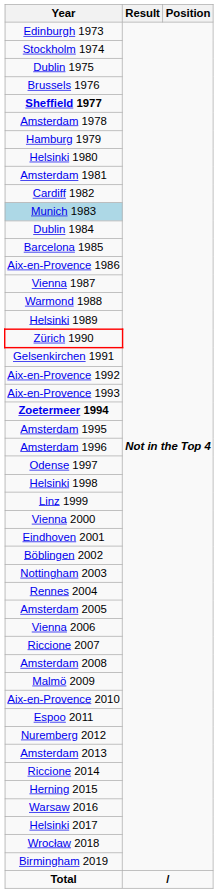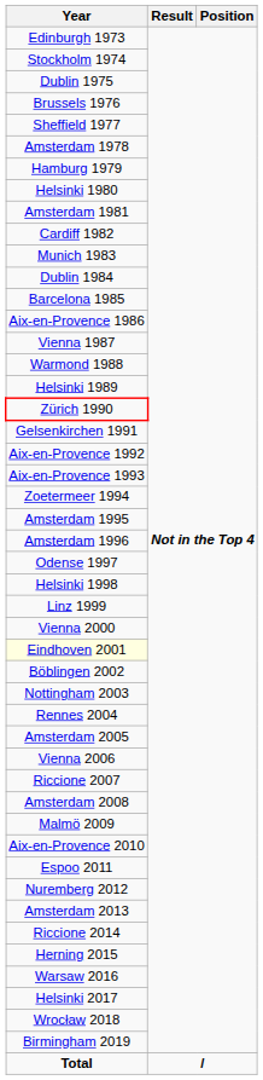 <table class="wikitable" style="text-align: center;">
 <tr>
 <th>Year</th>
 <th>Result</th>
 <th>Position</th>
 </tr>
 <tr>
 <td> <a href='#'>Edinburgh</a> 1973</td>
 <td rowspan="47" colspan="2" align="center"><strong><em>Not in the Top 4</em></strong></td>
 </tr>
 <tr>
 <td> <a href='#'>Stockholm</a> 1974</td>
 </tr>
 <tr>
 <td> <a href='#'>Dublin</a> 1975</td>
 </tr>
 <tr>
 <td> <a href='#'>Brussels</a> 1976</td>
 </tr>
 <tr>
-<td><strong> <a href='#'>Sheffield</a> 1977</strong></td>
+<td> <a href='#'>Sheffield</a> 1977</td>
 </tr>
 <tr>
 <td> <a href='#'>Amsterdam</a> 1978</td>
 </tr>
 <tr>
 <td> <a href='#'>Hamburg</a> 1979</td>
 </tr>
 <tr>
 <td> <a href='#'>Helsinki</a> 1980</td>
 </tr>
 <tr>
 <td> <a href='#'>Amsterdam</a> 1981</td>
 </tr>
 <tr>
 <td> <a href='#'>Cardiff</a> 1982</td>
 </tr>
 <tr>
-<td style="background: lightblue;"> <a href='#'>Munich</a> 1983</td>
+<td> <a href='#'>Munich</a> 1983</td>
 </tr>
 <tr>
 <td> <a href='#'>Dublin</a> 1984</td>
 </tr>
 <tr>
 <td> <a href='#'>Barcelona</a> 1985</td>
 </tr>
 <tr>
 <td> <a href='#'>Aix-en-Provence</a> 1986</td>
 </tr>
 <tr>
 <td> <a href='#'>Vienna</a> 1987</td>
 </tr>
 <tr>
 <td> <a href='#'>Warmond</a> 1988</td>
 </tr>
 <tr>
 <td> <a href='#'>Helsinki</a> 1989</td>
 </tr>
 <tr>
 <td style="border: 2px solid red"> <a href='#'>Zürich</a> 1990</td>
 </tr>
 <tr>
 <td> <a href='#'>Gelsenkirchen</a> 1991</td>
 </tr>
 <tr>
 <td> <a href='#'>Aix-en-Provence</a> 1992</td>
 </tr>
 <tr>
 <td> <a href='#'>Aix-en-Provence</a> 1993</td>
 </tr>
 <tr>
-<td><strong> <a href='#'>Zoetermeer</a> 1994</strong></td>
+<td> <a href='#'>Zoetermeer</a> 1994</td>
 </tr>
 <tr>
 <td> <a href='#'>Amsterdam</a> 1995</td>
 </tr>
 <tr>
 <td> <a href='#'>Amsterdam</a> 1996</td>
 </tr>
 <tr>
 <td> <a href='#'>Odense</a> 1997</td>
 </tr>
 <tr>
 <td> <a href='#'>Helsinki</a> 1998</td>
 </tr>
 <tr>
 <td> <a href='#'>Linz</a> 1999</td>
 </tr>
 <tr>
 <td> <a href='#'>Vienna</a> 2000</td>
 </tr>
 <tr>
-<td> <a href='#'>Eindhoven</a> 2001</td>
+<td style="background: lightyellow;"> <a href='#'>Eindhoven</a> 2001</td>
 </tr>
 <tr>
 <td> <a href='#'>Böblingen</a> 2002</td>
 </tr>
 <tr>
 <td> <a href='#'>Nottingham</a> 2003</td>
 </tr>
 <tr>
 <td> <a href='#'>Rennes</a> 2004</td>
 </tr>
 <tr>
 <td> <a href='#'>Amsterdam</a> 2005</td>
 </tr>
 <tr>
 <td> <a href='#'>Vienna</a> 2006</td>
 </tr>
 <tr>
 <td> <a href='#'>Riccione</a> 2007</td>
 </tr>
 <tr>
 <td> <a href='#'>Amsterdam</a> 2008</td>
 </tr>
 <tr>
 <td> <a href='#'>Malmö</a> 2009</td>
 </tr>
 <tr>
 <td> <a href='#'>Aix-en-Provence</a> 2010</td>
 </tr>
 <tr>
 <td> <a href='#'>Espoo</a> 2011</td>
 </tr>
 <tr>
 <td> <a href='#'>Nuremberg</a> 2012</td>
 </tr>
 <tr>
 <td> <a href='#'>Amsterdam</a> 2013</td>
 </tr>
 <tr>
 <td> <a href='#'>Riccione</a> 2014</td>
 </tr>
 <tr>
 <td> <a href='#'>Herning</a> 2015</td>
 </tr>
 <tr>
 <td> <a href='#'>Warsaw</a> 2016</td>
 </tr>
 <tr>
 <td> <a href='#'>Helsinki</a> 2017</td>
 </tr>
 <tr>
 <td> <a href='#'>Wrocław</a> 2018</td>
 </tr>
 <tr>
 <td> <a href='#'>Birmingham</a> 2019</td>
 </tr>
 <tr>
 <td><strong>Total</strong></td>
 <td rowspan="1" colspan="2" align="center"><strong>/</strong></td>
 </tr>
 </table>
